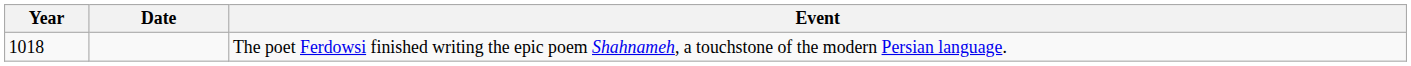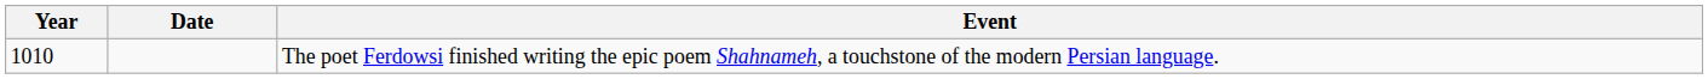 <table class="wikitable" width="100%">
 <tr>
 <th style="width:6%">Year</th>
 <th style="width:10%">Date</th>
 <th>Event</th>
 </tr>
 <tr>
-<td>1018</td>
+<td>1010</td>
 <td></td>
 <td>The poet <a href='#'>Ferdowsi</a> finished writing the epic poem <em><a href='#'>Shahnameh</a></em>, a touchstone of the modern <a href='#'>Persian language</a>.</td>
 </tr>
 </table>
